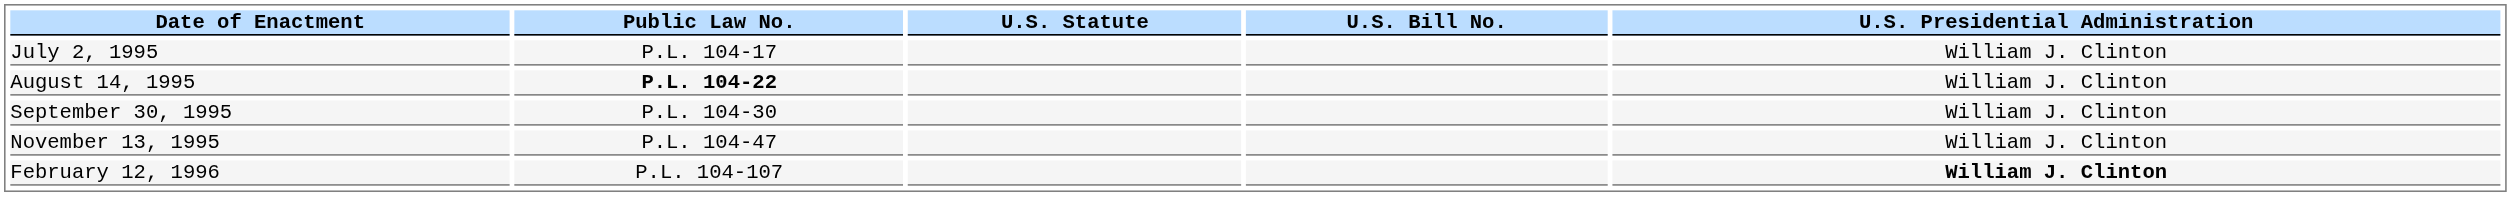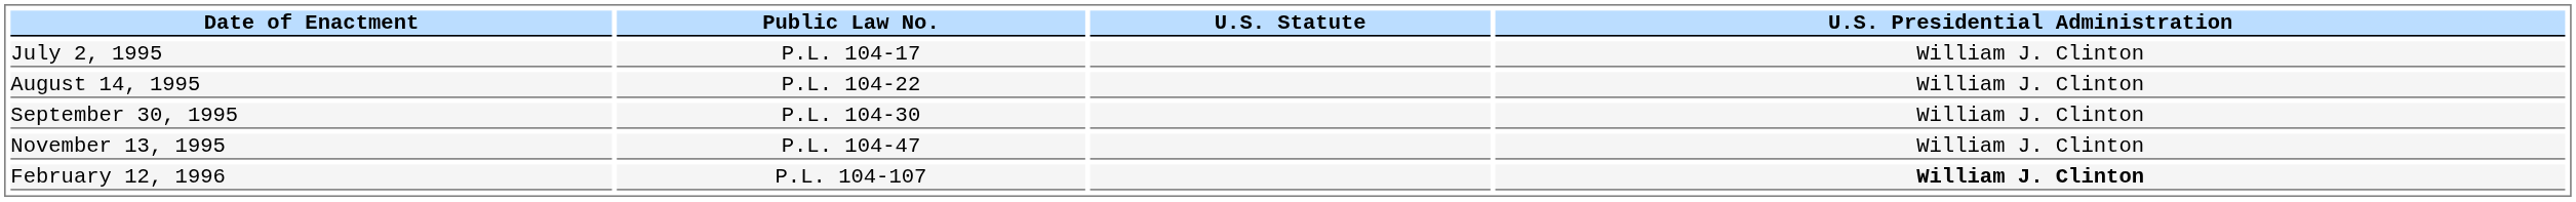 <table style="border:1px solid gray; align:left; width:100%" cellspacing=3 cellpadding=0>
 <tr style="font-weight:bold; text-align:center; background:#bbddff; color:black;">
 <th style=" border-bottom:1.5px solid black">Date of Enactment</th>
 <th style=" border-bottom:1.5px solid black">Public Law No.</th>
 <th style=" border-bottom:1.5px solid black">U.S. Statute</th>
-<th style=" border-bottom:1.5px solid black">U.S. Bill No.</th>
 <th style=" border-bottom:1.5px solid black">U.S. Presidential Administration</th>
 </tr>
 <tr>
 <td style="border-bottom:1px solid gray; background:#F5F5F5;">July 2, 1995</td>
 <td style="border-bottom:1px solid gray; background:#F5F5F5; text-align:center;">P.L. 104-17</td>
 <td style="border-bottom:1px solid gray; background:#F5F5F5; text-align:center;"></td>
-<td style="border-bottom:1px solid gray; background:#F5F5F5; text-align:center;"></td>
 <td style="border-bottom:1px solid gray; background:#F5F5F5; text-align:center;">William J. Clinton</td>
 </tr>
 <tr>
 <td style="border-bottom:1px solid gray; background:#F5F5F5;">August 14, 1995</td>
-<td style="border-bottom:1px solid gray; background:#F5F5F5; text-align:center;"><strong>P.L. 104-22</strong></td>
-<td style="border-bottom:1px solid gray; background:#F5F5F5; text-align:center;"></td>
+<td style="border-bottom:1px solid gray; background:#F5F5F5; text-align:center;">P.L. 104-22</td>
 <td style="border-bottom:1px solid gray; background:#F5F5F5; text-align:center;"></td>
 <td style="border-bottom:1px solid gray; background:#F5F5F5; text-align:center;">William J. Clinton</td>
 </tr>
 <tr>
 <td style="border-bottom:1px solid gray; background:#F5F5F5;">September 30, 1995</td>
 <td style="border-bottom:1px solid gray; background:#F5F5F5; text-align:center;">P.L. 104-30</td>
 <td style="border-bottom:1px solid gray; background:#F5F5F5; text-align:center;"></td>
-<td style="border-bottom:1px solid gray; background:#F5F5F5; text-align:center;"></td>
 <td style="border-bottom:1px solid gray; background:#F5F5F5; text-align:center;">William J. Clinton</td>
 </tr>
 <tr>
 <td style="border-bottom:1px solid gray; background:#F5F5F5;">November 13, 1995</td>
 <td style="border-bottom:1px solid gray; background:#F5F5F5; text-align:center;">P.L. 104-47</td>
-<td style="border-bottom:1px solid gray; background:#F5F5F5; text-align:center;"></td>
 <td style="border-bottom:1px solid gray; background:#F5F5F5; text-align:center;"></td>
 <td style="border-bottom:1px solid gray; background:#F5F5F5; text-align:center;">William J. Clinton</td>
 </tr>
 <tr>
 <td style="border-bottom:1px solid gray; background:#F5F5F5;">February 12, 1996</td>
 <td style="border-bottom:1px solid gray; background:#F5F5F5; text-align:center;">P.L. 104-107</td>
 <td style="border-bottom:1px solid gray; background:#F5F5F5; text-align:center;"></td>
-<td style="border-bottom:1px solid gray; background:#F5F5F5; text-align:center;"></td>
 <td style="border-bottom:1px solid gray; background:#F5F5F5; text-align:center;"><strong>William J. Clinton</strong></td>
 </tr>
 </table>
